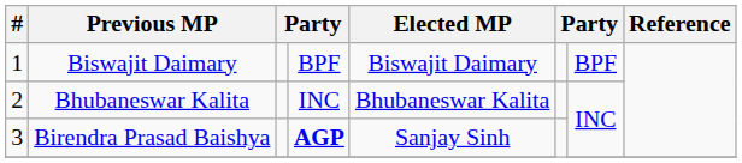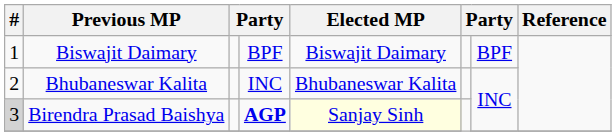 <table class="wikitable">
 <tr>
 <th>#</th>
 <th>Previous MP</th>
 <th colspan=2>Party</th>
 <th>Elected MP</th>
 <th colspan=2>Party</th>
 <th>Reference</th>
 </tr>
 <tr style="text-align:center;">
 <td>1</td>
 <td><a href='#'>Biswajit Daimary</a></td>
 <td width="1px"></td>
 <td><a href='#'>BPF</a></td>
 <td><a href='#'>Biswajit Daimary</a></td>
 <td width="1px"></td>
 <td rowspan=1><a href='#'>BPF</a></td>
 <td rowspan=3></td>
 </tr>
 <tr style="text-align:center;">
 <td>2</td>
 <td><a href='#'>Bhubaneswar Kalita</a></td>
 <td width="1px"></td>
 <td rowspan=1><a href='#'>INC</a></td>
 <td><a href='#'>Bhubaneswar Kalita</a></td>
 <td width="1px"></td>
 <td rowspan=2><a href='#'>INC</a></td>
 </tr>
 <tr style="text-align:center;">
-<td>3</td>
+<td style="background: lightgrey;">3</td>
 <td><a href='#'>Birendra Prasad Baishya</a></td>
 <td width="1px"></td>
 <td rowspan=1><strong><a href='#'>AGP</a></strong></td>
-<td><a href='#'>Sanjay Sinh</a></td>
+<td style="background: lightyellow;"><a href='#'>Sanjay Sinh</a></td>
 </tr>
 <tr style="text-align:center;">
 </tr>
 </table>
